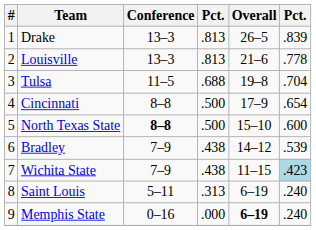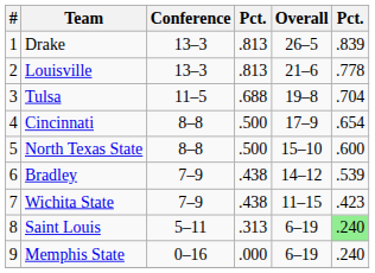 <table class="wikitable">
 <tr>
 <th>#</th>
 <th>Team</th>
 <th>Conference</th>
 <th>Pct.</th>
 <th>Overall</th>
 <th>Pct.</th>
 </tr>
 <tr>
 <td>1</td>
 <td>Drake</td>
 <td style="text-align:center">13–3</td>
 <td>.813</td>
 <td style="text-align:center">26–5</td>
 <td>.839</td>
 </tr>
 <tr>
 <td>2</td>
 <td><a href='#'>Louisville</a></td>
 <td style="text-align:center">13–3</td>
 <td>.813</td>
 <td style="text-align:center">21–6</td>
 <td>.778</td>
 </tr>
 <tr>
 <td>3</td>
 <td><a href='#'>Tulsa</a></td>
 <td style="text-align:center">11–5</td>
 <td>.688</td>
 <td style="text-align:center">19–8</td>
 <td>.704</td>
 </tr>
 <tr>
 <td>4</td>
 <td><a href='#'>Cincinnati</a></td>
 <td style="text-align:center">8–8</td>
 <td>.500</td>
 <td style="text-align:center">17–9</td>
 <td>.654</td>
 </tr>
 <tr>
 <td>5</td>
 <td><a href='#'>North Texas State</a></td>
-<td style="text-align:center"><strong>8–8</strong></td>
+<td style="text-align:center">8–8</td>
 <td>.500</td>
 <td style="text-align:center">15–10</td>
 <td>.600</td>
 </tr>
 <tr>
 <td>6</td>
 <td><a href='#'>Bradley</a></td>
 <td style="text-align:center">7–9</td>
 <td>.438</td>
 <td style="text-align:center">14–12</td>
 <td>.539</td>
 </tr>
 <tr>
 <td>7</td>
 <td><a href='#'>Wichita State</a></td>
 <td style="text-align:center">7–9</td>
 <td>.438</td>
 <td style="text-align:center">11–15</td>
-<td style="background: lightblue;">.423</td>
+<td>.423</td>
 </tr>
 <tr>
 <td>8</td>
 <td><a href='#'>Saint Louis</a></td>
 <td style="text-align:center">5–11</td>
 <td>.313</td>
 <td style="text-align:center">6–19</td>
-<td>.240</td>
+<td style="background: lightgreen;">.240</td>
 </tr>
 <tr>
 <td>9</td>
 <td><a href='#'>Memphis State</a></td>
 <td style="text-align:center">0–16</td>
 <td>.000</td>
-<td style="text-align:center"><strong>6–19</strong></td>
+<td style="text-align:center">6–19</td>
 <td>.240</td>
 </tr>
 <tr>
 </tr>
 </table>
